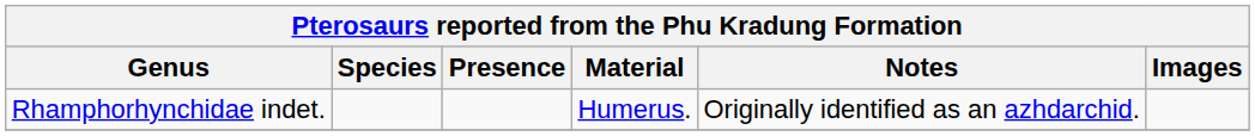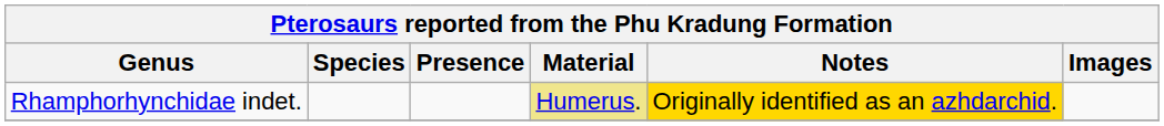 <table class="wikitable" align="center">
 <tr>
 <th colspan="6" align="center"><strong><a href='#'>Pterosaurs</a> reported from the Phu Kradung Formation</strong></th>
 </tr>
 <tr>
 <th>Genus</th>
 <th>Species</th>
 <th>Presence</th>
 <th><strong>Material</strong></th>
 <th>Notes</th>
 <th>Images</th>
 </tr>
 <tr>
 <td><a href='#'>Rhamphorhynchidae</a> indet.</td>
 <td></td>
 <td></td>
-<td><a href='#'>Humerus</a>.</td>
-<td>Originally identified as an <a href='#'>azhdarchid</a>.</td>
+<td style="background: khaki;"><a href='#'>Humerus</a>.</td>
+<td style="background: gold;">Originally identified as an <a href='#'>azhdarchid</a>.</td>
 <td></td>
 </tr>
 <tr>
 </tr>
 </table>
